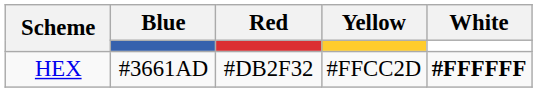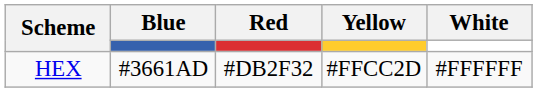 <table class="wikitable" style="margin-left: auto; margin-right: auto; text-align:center;">
 <tr>
 <th rowspan="2">Scheme</th>
 <th width="20%">Blue</th>
 <th width="20%">Red</th>
 <th width="20%">Yellow</th>
 <th width="20%">White</th>
 </tr>
 <tr>
 <td style="background:#3661ad"></td>
 <td style="background:#db2f32"></td>
 <td style="background:#ffcc2d"></td>
 <td style="background:#ffffff"></td>
 </tr>
 <tr>
 <td><a href='#'>HEX</a></td>
 <td>#3661AD</td>
 <td>#DB2F32</td>
 <td>#FFCC2D</td>
-<td><strong>#FFFFFF</strong></td>
+<td>#FFFFFF</td>
 </tr>
 </table>
